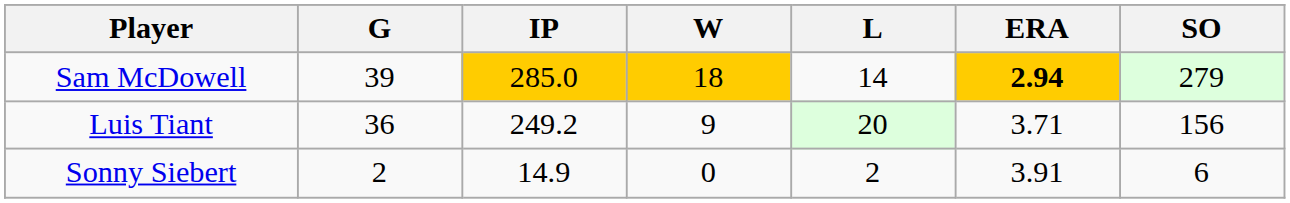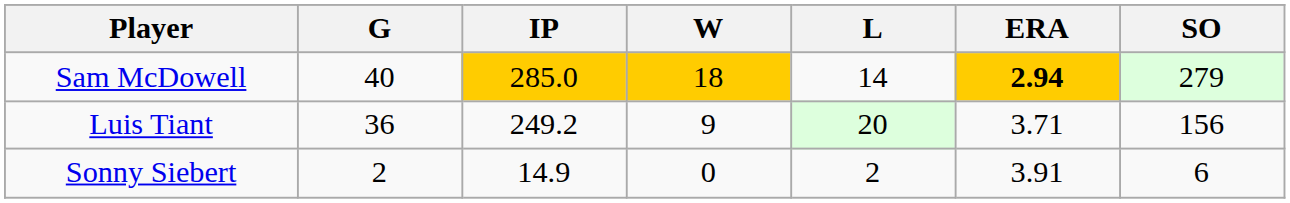 <table class="wikitable sortable">
 <tr>
 <th bgcolor="#DDDDFF" width="16%">Player</th>
 <th bgcolor="#DDDDFF" width="9%">G</th>
 <th bgcolor="#DDDDFF" width="9%">IP</th>
 <th bgcolor="#DDDDFF" width="9%">W</th>
 <th bgcolor="#DDDDFF" width="9%">L</th>
 <th bgcolor="#DDDDFF" width="9%">ERA</th>
 <th bgcolor="#DDDDFF" width="9%">SO</th>
 </tr>
 <tr align="center">
 <td><a href='#'>Sam McDowell</a></td>
-<td>39</td>
+<td>40</td>
 <td style="background:#fc0;">285.0</td>
 <td style="background:#fc0;">18</td>
 <td>14</td>
 <td style="background:#fc0;"><strong>2.94</strong></td>
 <td style="background:#DDFFDD;">279</td>
 </tr>
 <tr align=center>
 <td><a href='#'>Luis Tiant</a></td>
 <td>36</td>
 <td>249.2</td>
 <td>9</td>
 <td style="background:#DDFFDD;">20</td>
 <td>3.71</td>
 <td>156</td>
 </tr>
 <tr align=center>
 <td><a href='#'>Sonny Siebert</a></td>
 <td>2</td>
 <td>14.9</td>
 <td>0</td>
 <td>2</td>
 <td>3.91</td>
 <td>6</td>
 </tr>
 </table>
